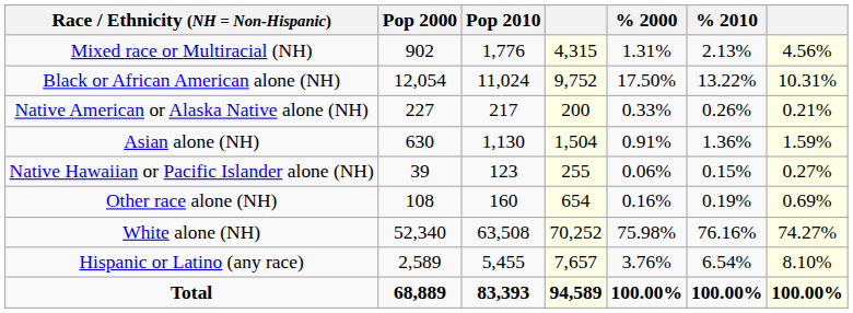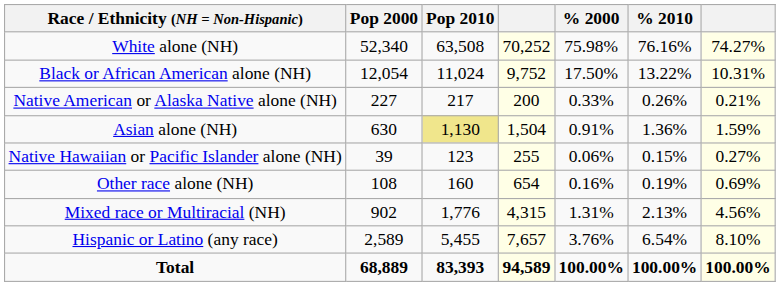 <table class="wikitable" style="text-align:center;">
 <tr>
 <th>Race / Ethnicity <small>(<em>NH = Non-Hispanic</em>)</small></th>
 <th>Pop 2000</th>
 <th>Pop 2010</th>
 <th></th>
 <th>% 2000</th>
 <th>% 2010</th>
 <th></th>
 </tr>
 <tr>
-<td><a href='#'>Mixed race or Multiracial</a> (NH)</td>
-<td>902</td>
-<td>1,776</td>
-<td style='background: #ffffe6;'>4,315</td>
-<td>1.31%</td>
-<td>2.13%</td>
-<td style='background: #ffffe6;'>4.56%</td>
+<td><a href='#'>White</a> alone (NH)</td>
+<td>52,340</td>
+<td>63,508</td>
+<td style='background: #ffffe6;'>70,252</td>
+<td>75.98%</td>
+<td>76.16%</td>
+<td style='background: #ffffe6;'>74.27%</td>
 </tr>
 <tr>
 <td><a href='#'>Black or African American</a> alone (NH)</td>
 <td>12,054</td>
 <td>11,024</td>
 <td style='background: #ffffe6;'>9,752</td>
 <td>17.50%</td>
 <td>13.22%</td>
 <td style='background: #ffffe6;'>10.31%</td>
 </tr>
 <tr>
 <td><a href='#'>Native American</a> or <a href='#'>Alaska Native</a> alone (NH)</td>
 <td>227</td>
 <td>217</td>
 <td style='background: #ffffe6;'>200</td>
 <td>0.33%</td>
 <td>0.26%</td>
 <td style='background: #ffffe6;'>0.21%</td>
 </tr>
 <tr>
 <td><a href='#'>Asian</a> alone (NH)</td>
 <td>630</td>
-<td>1,130</td>
+<td style="background: khaki;">1,130</td>
 <td style='background: #ffffe6;'>1,504</td>
 <td>0.91%</td>
 <td>1.36%</td>
 <td style='background: #ffffe6;'>1.59%</td>
 </tr>
 <tr>
 <td><a href='#'>Native Hawaiian</a> or <a href='#'>Pacific Islander</a> alone (NH)</td>
 <td>39</td>
 <td>123</td>
 <td style='background: #ffffe6;'>255</td>
 <td>0.06%</td>
 <td>0.15%</td>
 <td style='background: #ffffe6;'>0.27%</td>
 </tr>
 <tr>
 <td><a href='#'>Other race</a> alone (NH)</td>
 <td>108</td>
 <td>160</td>
 <td style='background: #ffffe6;'>654</td>
 <td>0.16%</td>
 <td>0.19%</td>
 <td style='background: #ffffe6;'>0.69%</td>
 </tr>
 <tr>
-<td><a href='#'>White</a> alone (NH)</td>
-<td>52,340</td>
-<td>63,508</td>
-<td style='background: #ffffe6;'>70,252</td>
-<td>75.98%</td>
-<td>76.16%</td>
-<td style='background: #ffffe6;'>74.27%</td>
+<td><a href='#'>Mixed race or Multiracial</a> (NH)</td>
+<td>902</td>
+<td>1,776</td>
+<td style='background: #ffffe6;'>4,315</td>
+<td>1.31%</td>
+<td>2.13%</td>
+<td style='background: #ffffe6;'>4.56%</td>
 </tr>
 <tr>
 <td><a href='#'>Hispanic or Latino</a> (any race)</td>
 <td>2,589</td>
 <td>5,455</td>
 <td style='background: #ffffe6;'>7,657</td>
 <td>3.76%</td>
 <td>6.54%</td>
 <td style='background: #ffffe6;'>8.10%</td>
 </tr>
 <tr>
 <td><strong>Total</strong></td>
 <td><strong>68,889</strong></td>
 <td><strong>83,393</strong></td>
 <td style='background: #ffffe6;'><strong>94,589</strong></td>
 <td><strong>100.00%</strong></td>
 <td><strong>100.00%</strong></td>
 <td style='background: #ffffe6;'><strong>100.00%</strong></td>
 </tr>
 </table>
